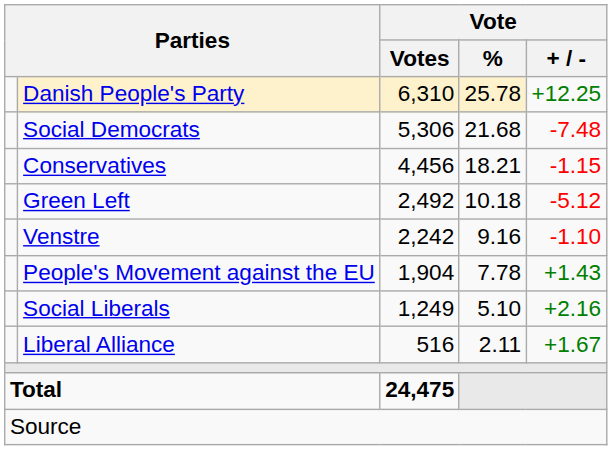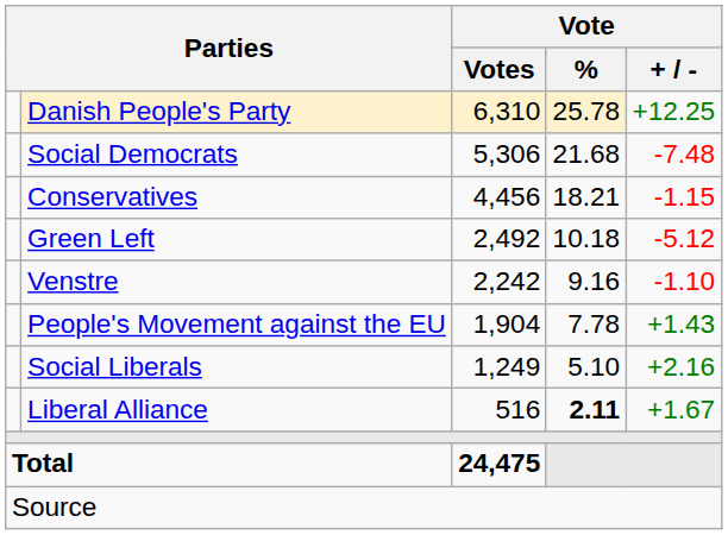 <table class="wikitable" style="text-align:right;">
 <tr>
 <th style="text-align:centre;" rowspan="2" colspan="2" width="225">Parties</th>
 <th colspan="3">Vote</th>
 </tr>
 <tr>
 <th width="15">Votes</th>
 <th width="15">%</th>
 <th width="15">+ / -</th>
 </tr>
 <tr>
 <td width="2" style="color:inherit;background:"></td>
 <td bgcolor=#fef2cc   align="left"><a href='#'>Danish People's Party</a></td>
 <td bgcolor=#fef2cc>6,310</td>
 <td bgcolor=#fef2cc>25.78</td>
 <td style=color:green;>+12.25</td>
 </tr>
 <tr>
 <td width="2" style="color:inherit;background:"></td>
 <td align="left"><a href='#'>Social Democrats</a></td>
 <td>5,306</td>
 <td>21.68</td>
 <td style=color:red;>-7.48</td>
 </tr>
 <tr>
 <td width="2" style="color:inherit;background:"></td>
 <td align="left"><a href='#'>Conservatives</a></td>
 <td>4,456</td>
 <td>18.21</td>
 <td style=color:red;>-1.15</td>
 </tr>
 <tr>
 <td width="2" style="color:inherit;background:"></td>
 <td align="left"><a href='#'>Green Left</a></td>
 <td>2,492</td>
 <td>10.18</td>
 <td style=color:red;>-5.12</td>
 </tr>
 <tr>
 <td width="2" style="color:inherit;background:"></td>
 <td align="left"><a href='#'>Venstre</a></td>
 <td>2,242</td>
 <td>9.16</td>
 <td style=color:red;>-1.10</td>
 </tr>
 <tr>
 <td width="2" style="color:inherit;background:"></td>
 <td align="left"><a href='#'>People's Movement against the EU</a></td>
 <td>1,904</td>
 <td>7.78</td>
 <td style=color:green;>+1.43</td>
 </tr>
 <tr>
 <td width="2" style="color:inherit;background:"></td>
 <td align="left"><a href='#'>Social Liberals</a></td>
 <td>1,249</td>
 <td>5.10</td>
 <td style=color:green;>+2.16</td>
 </tr>
 <tr>
 <td width="2" style="color:inherit;background:"></td>
 <td align="left"><a href='#'>Liberal Alliance</a></td>
 <td>516</td>
-<td>2.11</td>
+<td><strong>2.11</strong></td>
 <td style=color:green;>+1.67</td>
 </tr>
 <tr>
 <td colspan="7" bgcolor="#E9E9E9"></td>
 </tr>
 <tr>
 <td align="left" colspan="2"><strong>Total</strong></td>
 <td><strong>24,475</strong></td>
 <td bgcolor="#E9E9E9" colspan="2"></td>
 </tr>
 <tr>
 <td align="left" colspan="6">Source</td>
 </tr>
 </table>
